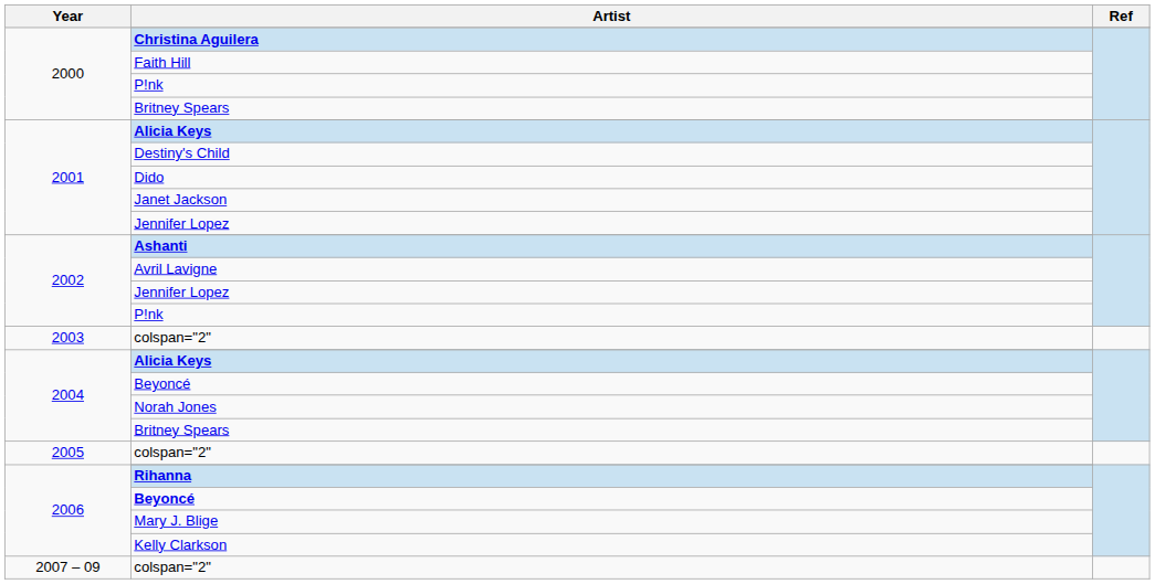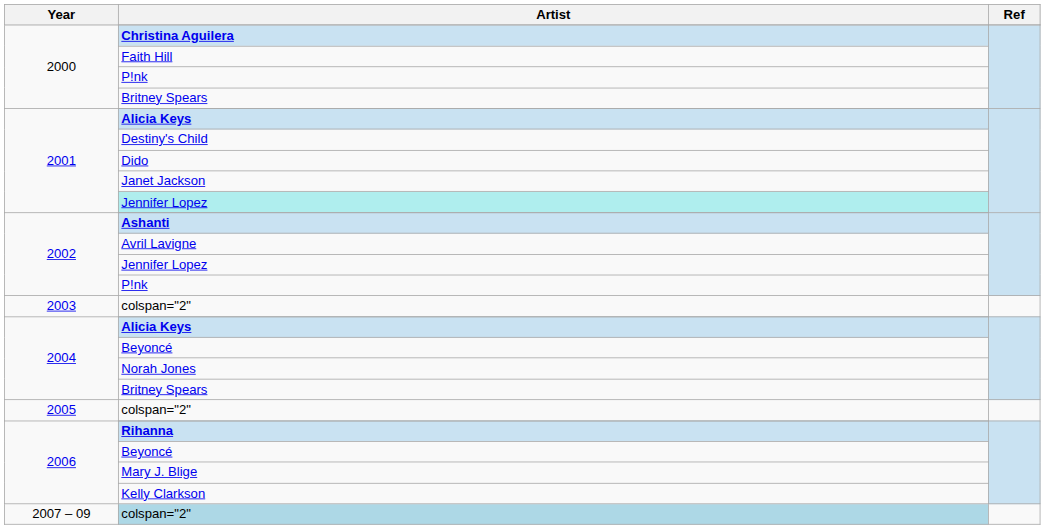 <table class="wikitable" style="width:100%;">
 <tr style="background:#bebebe;">
 <th style="width:11%;">Year</th>
 <th style="width:84%;">Artist</th>
 <th style="width:5%;">Ref</th>
 </tr>
 <tr>
 <td rowspan="5" align="center">2000</td>
 </tr>
 <tr style="background:#c9e2f2">
 <td><strong><a href='#'>Christina Aguilera</a></strong></td>
 <td rowspan="5" align="center"></td>
 </tr>
 <tr>
 <td><a href='#'>Faith Hill</a></td>
 </tr>
 <tr>
 <td><a href='#'>P!nk</a></td>
 </tr>
 <tr>
 <td><a href='#'>Britney Spears</a></td>
 </tr>
 <tr>
 <td rowspan="6" align="center"><a href='#'>2001</a></td>
 </tr>
 <tr style="background:#c9e2f2">
 <td><strong><a href='#'>Alicia Keys</a></strong></td>
 <td rowspan="6" align="center"></td>
 </tr>
 <tr>
 <td><a href='#'>Destiny's Child</a></td>
 </tr>
 <tr>
 <td><a href='#'>Dido</a></td>
 </tr>
 <tr>
 <td><a href='#'>Janet Jackson</a></td>
 </tr>
 <tr>
-<td><a href='#'>Jennifer Lopez</a></td>
+<td style="background: paleturquoise;"><a href='#'>Jennifer Lopez</a></td>
 </tr>
 <tr>
 <td rowspan="5" align="center"><a href='#'>2002</a></td>
 </tr>
 <tr style="background:#c9e2f2">
 <td><strong><a href='#'>Ashanti</a></strong></td>
 <td rowspan="4" align="center"></td>
 </tr>
 <tr>
 <td><a href='#'>Avril Lavigne</a></td>
 </tr>
 <tr>
 <td><a href='#'>Jennifer Lopez</a></td>
 </tr>
 <tr>
 <td><a href='#'>P!nk</a></td>
 </tr>
 <tr>
 <td align="center"><a href='#'>2003</a></td>
 <td>colspan="2" </td>
 </tr>
 <tr>
 <td rowspan="5" align="center"><a href='#'>2004</a></td>
 </tr>
 <tr style="background:#c9e2f2">
 <td><strong><a href='#'>Alicia Keys</a></strong></td>
 <td rowspan="4" align="center"></td>
 </tr>
 <tr>
 <td><a href='#'>Beyoncé</a></td>
 </tr>
 <tr>
 <td><a href='#'>Norah Jones</a></td>
 </tr>
 <tr>
 <td><a href='#'>Britney Spears</a></td>
 </tr>
 <tr>
 <td align="center"><a href='#'>2005</a></td>
 <td>colspan="2" </td>
 </tr>
 <tr>
 <td rowspan="5" align="center"><a href='#'>2006</a></td>
 </tr>
 <tr style="background:#c9e2f2">
 <td><strong><a href='#'>Rihanna</a></strong></td>
 <td rowspan="4" align="center"></td>
 </tr>
 <tr>
-<td><strong><a href='#'>Beyoncé</a></strong></td>
+<td><a href='#'>Beyoncé</a></td>
 </tr>
 <tr>
 <td><a href='#'>Mary J. Blige</a></td>
 </tr>
 <tr>
 <td><a href='#'>Kelly Clarkson</a></td>
 </tr>
 <tr>
 <td align="center">2007 – 09</td>
-<td>colspan="2" </td>
+<td style="background: lightblue;">colspan="2" </td>
 </tr>
 </table>
